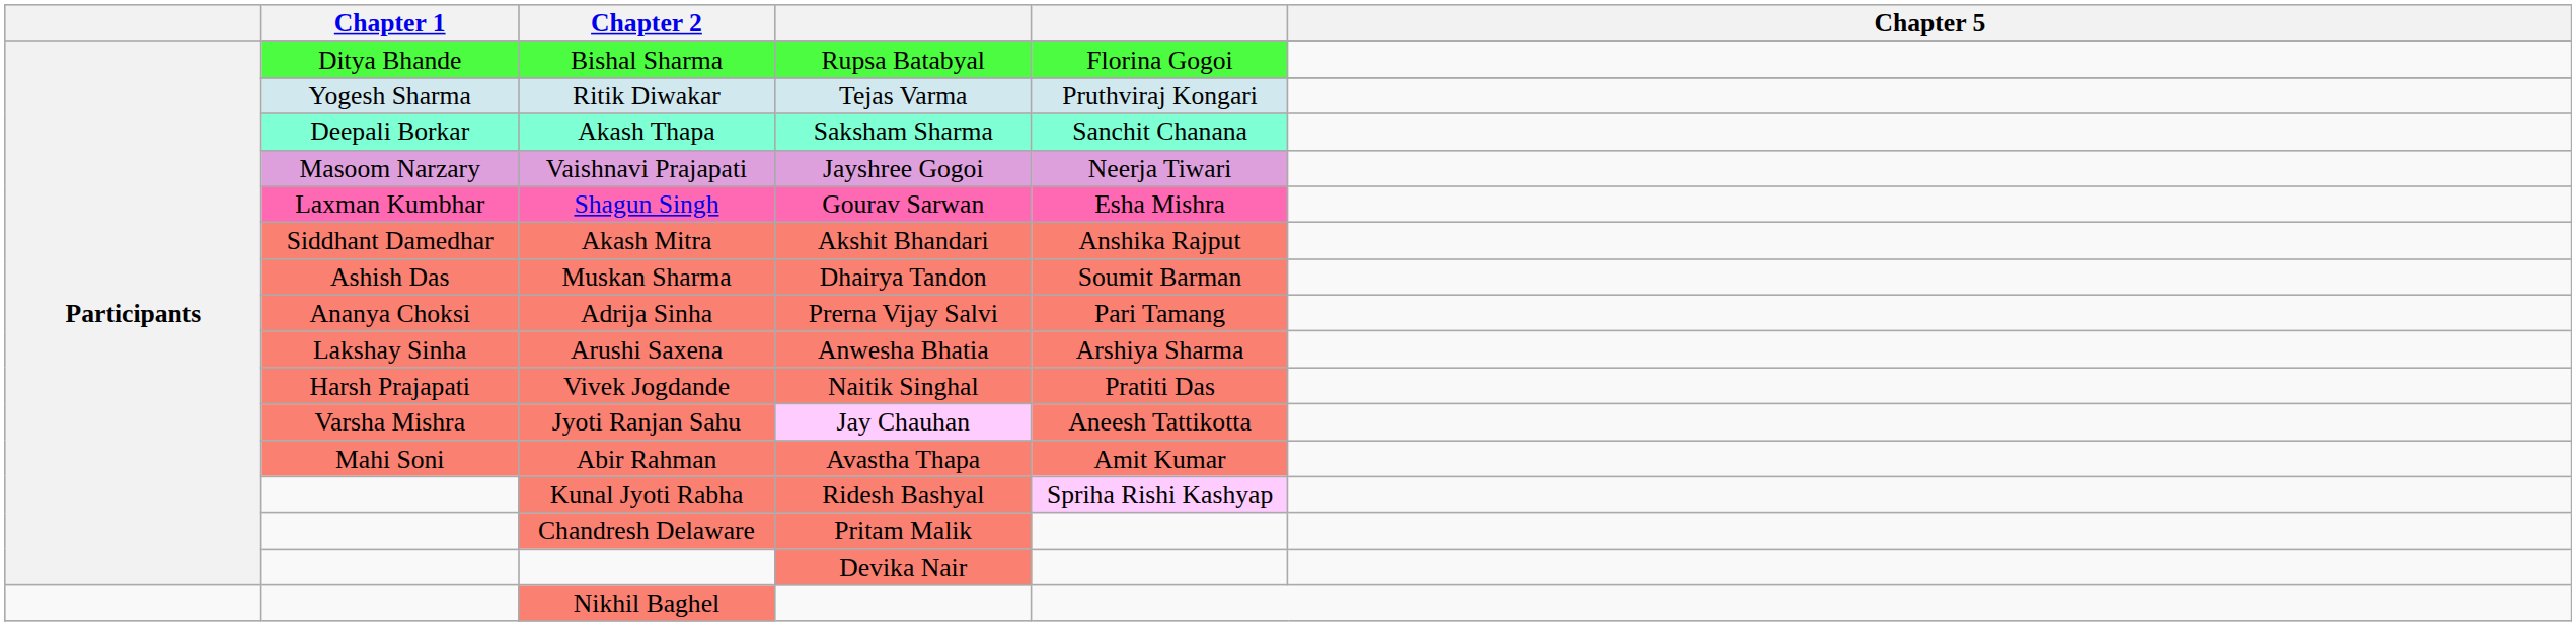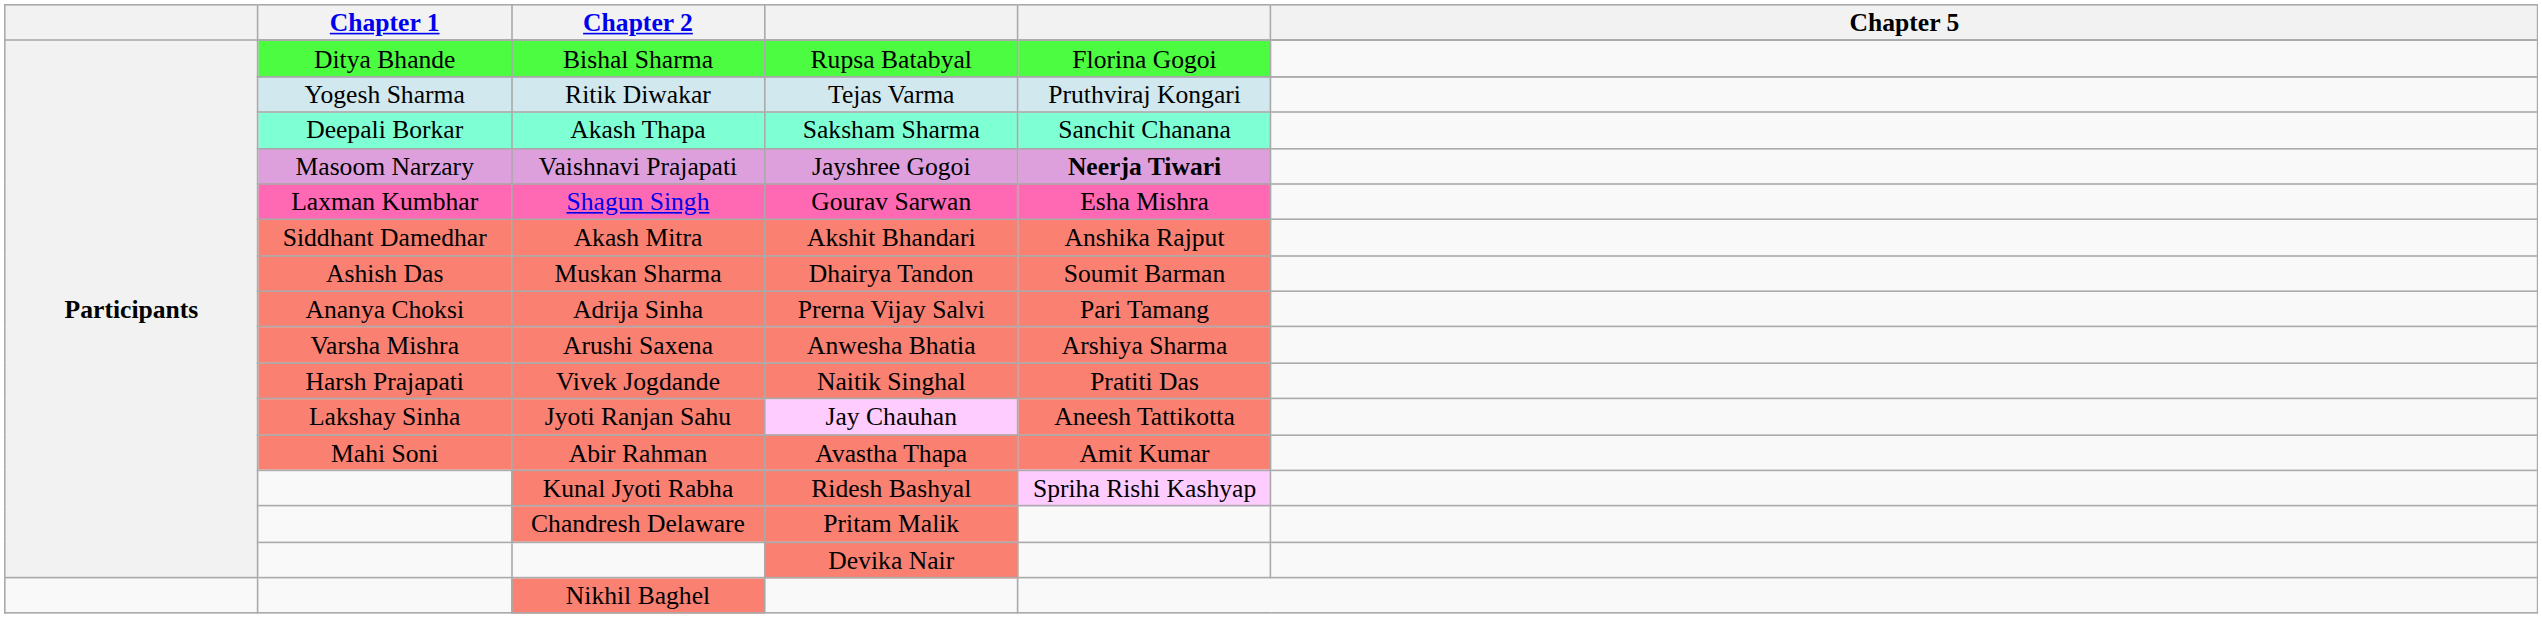 <table class="wikitable" style="text-align:center; width:100%; font-size:100%; line-height:15px;">
 <tr>
 <th rowspan="1" style="width: 10%;"></th>
 <th colspan="1" style="width: 10%;"><a href='#'>Chapter 1</a></th>
 <th colspan="1" style="width: 10%;"><a href='#'>Chapter 2</a></th>
 <th colspan="1" style="width: 10%;"></th>
 <th colspan="1" style="width: 10%;"></th>
 <th>Chapter 5</th>
 </tr>
 <tr>
 <th rowspan="17" style="width: 10%;">Participants</th>
 </tr>
 <tr>
 <td style="background:#4CFC40;">Ditya Bhande</td>
 <td style="background:#4CFC40;">Bishal Sharma</td>
 <td style="background:#4CFC40;">Rupsa Batabyal</td>
 <td style="background:#4CFC40;">Florina Gogoi</td>
 <td></td>
 </tr>
 <tr>
 </tr>
 <tr>
 <td style="background:#D1E8EF;">Yogesh Sharma</td>
 <td style="background:#D1E8EF;">Ritik Diwakar</td>
 <td style="background:#D1E8EF;">Tejas Varma</td>
 <td style="background:#D1E8EF;">Pruthviraj Kongari</td>
 <td></td>
 </tr>
 <tr>
 <td bgcolor=#7FFFD4>Deepali Borkar</td>
 <td bgcolor=#7FFFD4>Akash Thapa</td>
 <td bgcolor=#7FFFD4>Saksham Sharma</td>
 <td bgcolor=#7FFFD4>Sanchit Chanana</td>
 <td></td>
 </tr>
 <tr>
 <td bgcolor=#DDA0DD>Masoom Narzary</td>
 <td bgcolor=#DDA0DD>Vaishnavi Prajapati</td>
 <td bgcolor=#DDA0DD>Jayshree Gogoi</td>
-<td bgcolor=#DDA0DD>Neerja Tiwari</td>
+<td bgcolor=#DDA0DD><strong>Neerja Tiwari</strong></td>
 <td></td>
 </tr>
 <tr>
 <td style="background:#FF69B4;">Laxman Kumbhar</td>
 <td style="background:#FF69B4;"><a href='#'>Shagun Singh</a></td>
 <td style="background:#FF69B4;">Gourav Sarwan</td>
 <td style="background:#FF69B4;">Esha Mishra</td>
 <td></td>
 </tr>
 <tr>
 <td style="background:salmon;">Siddhant Damedhar</td>
 <td style="background:salmon;">Akash Mitra</td>
 <td style="background:salmon;">Akshit Bhandari</td>
 <td style="background:salmon;">Anshika Rajput</td>
 <td></td>
 </tr>
 <tr>
 <td style="background:salmon;">Ashish Das</td>
 <td style="background:salmon;">Muskan Sharma</td>
 <td style="background:salmon;">Dhairya Tandon</td>
 <td style="background:salmon;">Soumit Barman</td>
 <td></td>
 </tr>
 <tr>
 <td style="background:salmon;">Ananya Choksi</td>
 <td style="background:salmon;">Adrija Sinha</td>
 <td style="background:salmon;">Prerna Vijay Salvi</td>
 <td style="background:salmon;">Pari Tamang</td>
 <td></td>
 </tr>
 <tr>
-<td style="background:salmon;">Lakshay Sinha</td>
+<td style="background:salmon;">Varsha Mishra</td>
 <td style="background:salmon;">Arushi Saxena</td>
 <td style="background:salmon;">Anwesha Bhatia</td>
 <td style="background:salmon;">Arshiya Sharma</td>
 <td></td>
 </tr>
 <tr>
 <td style="background:salmon;">Harsh Prajapati</td>
 <td style="background:salmon;">Vivek Jogdande</td>
 <td style="background:salmon;">Naitik Singhal</td>
 <td style="background:salmon;">Pratiti Das</td>
 <td></td>
 </tr>
 <tr>
-<td style="background:salmon;">Varsha Mishra</td>
+<td style="background:salmon;">Lakshay Sinha</td>
 <td style="background:salmon;">Jyoti Ranjan Sahu</td>
 <td style="background:#fcf;">Jay Chauhan</td>
 <td style="background:salmon;">Aneesh Tattikotta</td>
 <td></td>
 </tr>
 <tr>
 <td style="background:salmon;">Mahi Soni</td>
 <td style="background:salmon;">Abir Rahman</td>
 <td style="background:salmon;">Avastha Thapa</td>
 <td style="background:salmon;">Amit Kumar</td>
 <td></td>
 </tr>
 <tr>
 <td></td>
 <td style="background:salmon;">Kunal Jyoti Rabha</td>
 <td style="background:salmon;">Ridesh Bashyal</td>
 <td style="background:#fcf;">Spriha Rishi Kashyap</td>
 <td></td>
 </tr>
 <tr>
 <td></td>
 <td style="background:salmon;">Chandresh Delaware</td>
 <td style="background:salmon;">Pritam Malik</td>
 <td></td>
 <td></td>
 </tr>
 <tr>
 <td></td>
 <td></td>
 <td style="background:salmon;">Devika Nair</td>
 <td></td>
 <td></td>
 </tr>
 <tr>
 <td></td>
 <td></td>
 <td style="background:salmon;">Nikhil Baghel</td>
 <td></td>
 </tr>
 </table>
